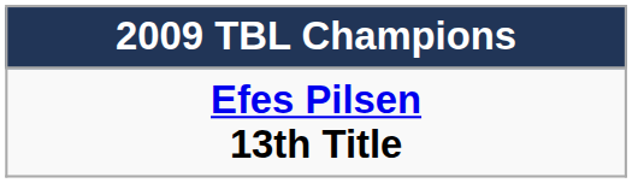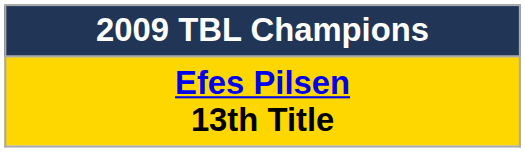 <table class="wikitable" style="margin: 0 auto; width: 20%;">
 <tr>
 <th style="background:#213557 ; color:#FFFFFE">2009 TBL Champions</th>
 </tr>
 <tr>
-<td align=center><strong><a href='#'>Efes Pilsen</a></strong><br><strong>13th Title</strong> <br></td>
+<td align=center style="background: gold;"><strong><a href='#'>Efes Pilsen</a></strong><br><strong>13th Title</strong> <br></td>
 </tr>
 </table>
